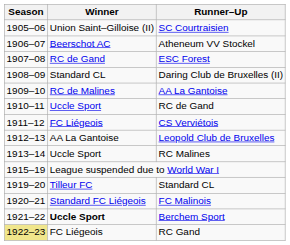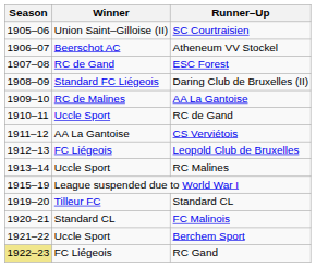 <table class="wikitable sortable" style="text–align:center;">
 <tr>
 <th>Season</th>
 <th>Winner</th>
 <th>Runner–Up</th>
 </tr>
 <tr>
 <td>1905–06</td>
 <td>Union Saint–Gilloise (II)</td>
 <td><a href='#'>SC Courtraisien</a></td>
 </tr>
 <tr>
 <td>1906–07</td>
 <td><a href='#'>Beerschot AC</a></td>
 <td>Atheneum VV Stockel</td>
 </tr>
 <tr>
 <td>1907–08</td>
 <td><a href='#'>RC de Gand</a></td>
 <td><a href='#'>ESC Forest</a></td>
 </tr>
 <tr>
 <td>1908–09</td>
-<td>Standard CL</td>
+<td><a href='#'>Standard FC Liégeois</a></td>
 <td>Daring Club de Bruxelles (II)</td>
 </tr>
 <tr>
 <td>1909–10</td>
 <td><a href='#'>RC de Malines</a></td>
 <td><a href='#'>AA La Gantoise</a></td>
 </tr>
 <tr>
 <td>1910–11</td>
 <td><a href='#'>Uccle Sport</a></td>
 <td>RC de Gand</td>
 </tr>
 <tr>
 <td>1911–12</td>
-<td><a href='#'>FC Liégeois</a></td>
+<td>AA La Gantoise</td>
 <td><a href='#'>CS Verviétois</a></td>
 </tr>
 <tr>
 <td>1912–13</td>
-<td>AA La Gantoise</td>
+<td><a href='#'>FC Liégeois</a></td>
 <td><a href='#'>Leopold Club de Bruxelles</a></td>
 </tr>
 <tr>
 <td>1913–14</td>
 <td>Uccle Sport</td>
 <td>RC Malines</td>
 </tr>
 <tr>
 <td>1915–19</td>
 <td colspan="2">League suspended due to <a href='#'>World War I</a></td>
 </tr>
 <tr>
 <td>1919–20</td>
 <td><a href='#'>Tilleur FC</a></td>
 <td>Standard CL</td>
 </tr>
 <tr>
 <td>1920–21</td>
-<td><a href='#'>Standard FC Liégeois</a></td>
+<td>Standard CL</td>
 <td><a href='#'>FC Malinois</a></td>
 </tr>
 <tr>
 <td>1921–22</td>
-<td><strong>Uccle Sport</strong></td>
+<td>Uccle Sport</td>
 <td><a href='#'>Berchem Sport</a></td>
 </tr>
 <tr>
 <td style="background: khaki;">1922–23</td>
 <td>FC Liégeois</td>
 <td>RC Gand</td>
 </tr>
 </table>
